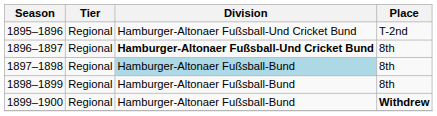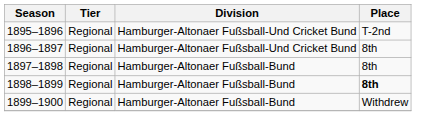 <table class="wikitable">
 <tr>
 <th>Season</th>
 <th>Tier</th>
 <th>Division</th>
 <th>Place</th>
 </tr>
 <tr>
 <td>1895–1896</td>
 <td>Regional</td>
 <td>Hamburger-Altonaer Fußsball-Und Cricket Bund</td>
 <td>T-2nd</td>
 </tr>
 <tr>
 <td>1896–1897</td>
 <td>Regional</td>
-<td><strong>Hamburger-Altonaer Fußsball-Und Cricket Bund</strong></td>
+<td>Hamburger-Altonaer Fußsball-Und Cricket Bund</td>
 <td>8th</td>
 </tr>
 <tr>
 <td>1897–1898</td>
 <td>Regional</td>
-<td style="background: lightblue;">Hamburger-Altonaer Fußsball-Bund</td>
+<td>Hamburger-Altonaer Fußsball-Bund</td>
 <td>8th</td>
 </tr>
 <tr>
 <td>1898–1899</td>
 <td>Regional</td>
 <td>Hamburger-Altonaer Fußsball-Bund</td>
-<td>8th</td>
+<td><strong>8th</strong></td>
 </tr>
 <tr>
 <td>1899–1900</td>
 <td>Regional</td>
 <td>Hamburger-Altonaer Fußsball-Bund</td>
-<td><strong>Withdrew</strong></td>
+<td>Withdrew</td>
 </tr>
 <tr>
 </tr>
 </table>
